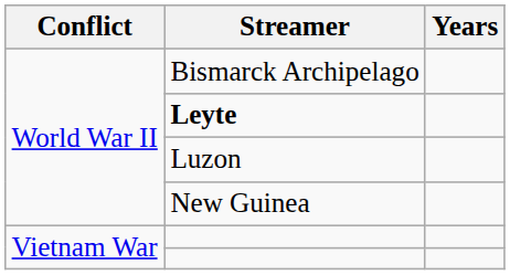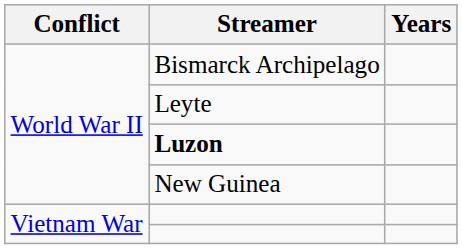 <table class=wikitable>
 <tr style="background:#efefef;">
 <th>Conflict</th>
 <th>Streamer</th>
 <th>Years</th>
 </tr>
 <tr>
 <td rowspan="4"><a href='#'>World War II</a> <br> </td>
 <td>Bismarck Archipelago</td>
 <td></td>
 </tr>
 <tr>
-<td><strong>Leyte</strong></td>
+<td>Leyte</td>
 <td></td>
 </tr>
 <tr>
-<td>Luzon</td>
+<td><strong>Luzon</strong></td>
 <td></td>
 </tr>
 <tr>
 <td>New Guinea</td>
 <td></td>
 </tr>
 <tr>
 <td rowspan="2"><a href='#'>Vietnam War</a> <br> </td>
 <td></td>
 <td></td>
 </tr>
 <tr>
 <td></td>
 <td></td>
 </tr>
 </table>
